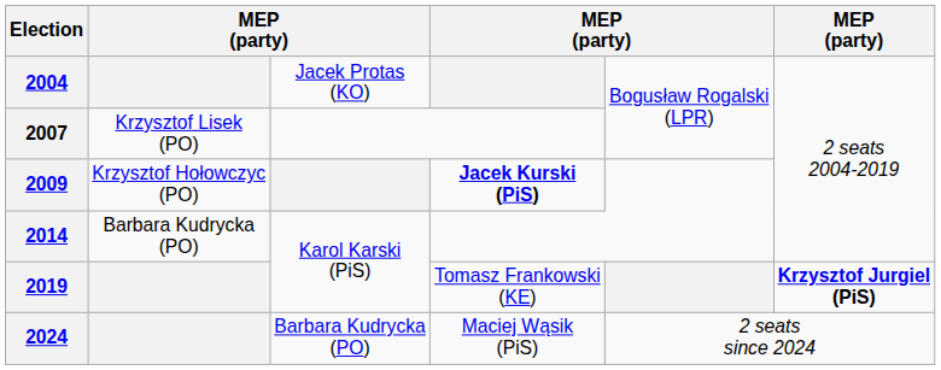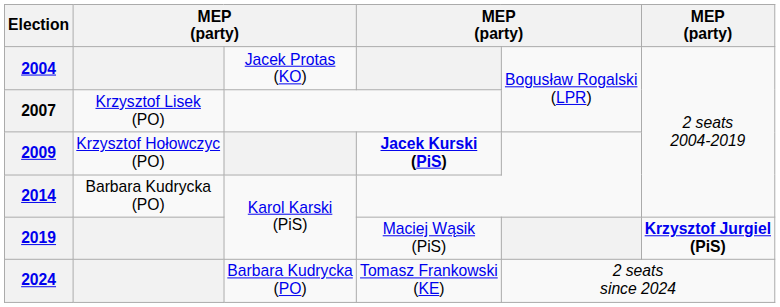 <table class= "wikitable" style= "text-align:center">
 <tr>
 <th>Election</th>
 <th colspan=2>MEP<br>(party)</th>
 <th colspan=2>MEP<br>(party)</th>
 <th colspan=2>MEP<br>(party)</th>
 </tr>
 <tr>
 <th><a href='#'>2004</a></th>
 <th style="background-color: "></th>
 <td rowspan=1><a href='#'>Jacek Protas</a><br>(<a href='#'>KO</a>)</td>
 <th style="background-color: "></th>
 <td rowspan=2><a href='#'>Bogusław Rogalski</a><br>(<a href='#'>LPR</a>)</td>
 <td colspan=2 rowspan=4><em>2 seats<br>2004-2019</em></td>
 </tr>
 <tr>
 <th>2007</th>
 <td rowspan=1><a href='#'>Krzysztof Lisek</a><br>(PO)</td>
 </tr>
 <tr>
 <th><a href='#'>2009</a></th>
 <td rowspan=1><a href='#'>Krzysztof Hołowczyc</a><br>(PO)</td>
 <th style="background-color: "></th>
 <td rowspan=1><strong><a href='#'>Jacek Kurski</a><br>(<a href='#'>PiS</a>)</strong></td>
 </tr>
 <tr>
 <th><a href='#'>2014</a></th>
 <td rowspan=1>Barbara Kudrycka<br>(PO)</td>
 <td rowspan=2><a href='#'>Karol Karski</a><br>(PiS)</td>
 </tr>
 <tr>
 <th><a href='#'>2019</a></th>
 <th style="background-color: "></th>
-<td rowspan=1><a href='#'>Tomasz Frankowski</a><br>(<a href='#'>KE</a>)</td>
+<td rowspan=1><a href='#'>Maciej Wąsik</a><br>(PiS)</td>
 <th style="background-color: "></th>
 <td rowspan=1><strong><a href='#'>Krzysztof Jurgiel</a><br>(PiS)</strong></td>
 </tr>
 <tr>
 <th><a href='#'>2024</a></th>
 <th style="background-color: "></th>
 <td rowspan=1><a href='#'>Barbara Kudrycka</a><br>(<a href='#'>PO</a>)</td>
-<td rowspan=1><a href='#'>Maciej Wąsik</a><br>(PiS)</td>
+<td rowspan=1><a href='#'>Tomasz Frankowski</a><br>(<a href='#'>KE</a>)</td>
 <td colspan=2 rowspan=1><em>2 seats<br>since 2024</em></td>
 </tr>
 </table>
